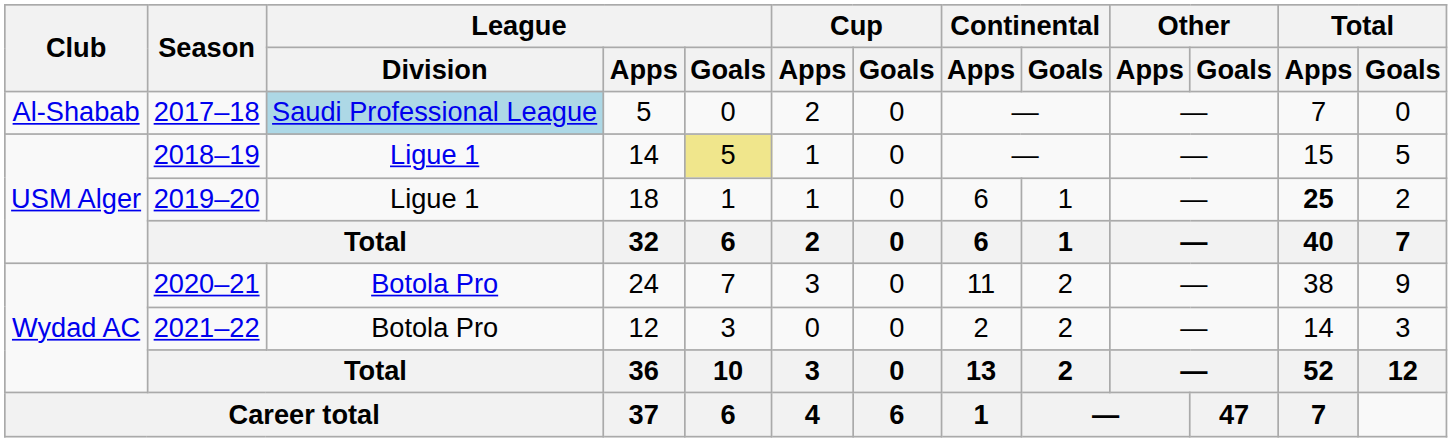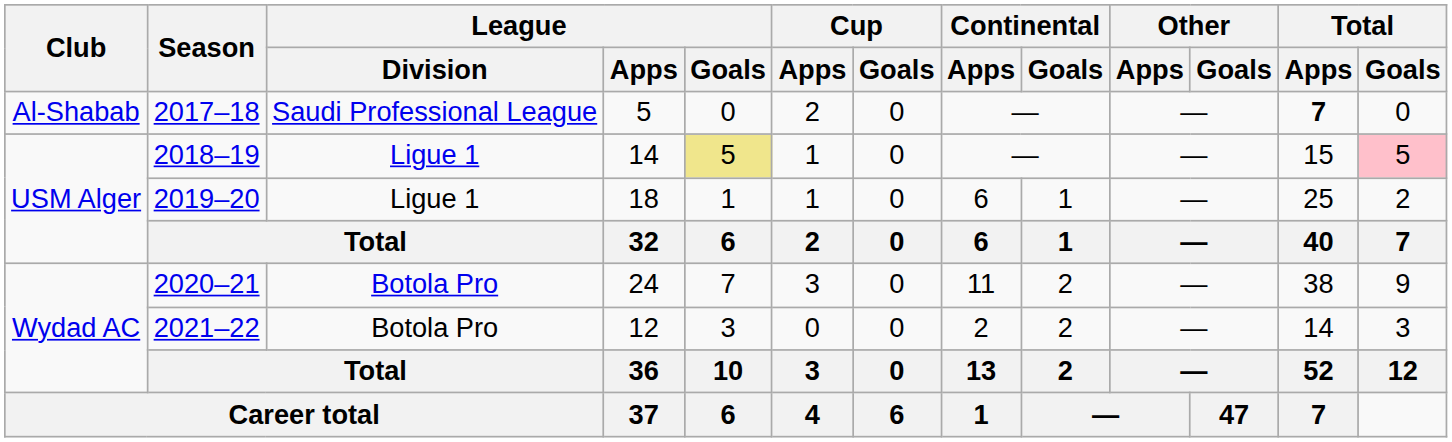 <table class="wikitable" style="text-align:center">
 <tr>
 <th rowspan="2">Club</th>
 <th rowspan="2">Season</th>
 <th colspan="3">League</th>
 <th colspan="2">Cup</th>
 <th colspan="2">Continental</th>
 <th colspan="2">Other</th>
 <th colspan="2">Total</th>
 </tr>
 <tr>
 <th>Division</th>
 <th>Apps</th>
 <th>Goals</th>
 <th>Apps</th>
 <th>Goals</th>
 <th>Apps</th>
 <th>Goals</th>
 <th>Apps</th>
 <th>Goals</th>
 <th>Apps</th>
 <th>Goals</th>
 </tr>
 <tr>
 <td><a href='#'>Al-Shabab</a></td>
 <td><a href='#'>2017–18</a></td>
-<td style="background: lightblue;"><a href='#'>Saudi Professional League</a></td>
+<td><a href='#'>Saudi Professional League</a></td>
 <td>5</td>
 <td>0</td>
 <td>2</td>
 <td>0</td>
 <td colspan="2">—</td>
 <td colspan="2">—</td>
-<td>7</td>
+<td><strong>7</strong></td>
 <td>0</td>
 </tr>
 <tr>
 <td rowspan="3"><a href='#'>USM Alger</a></td>
 <td><a href='#'>2018–19</a></td>
 <td><a href='#'>Ligue 1</a></td>
 <td>14</td>
 <td style="background: khaki;">5</td>
 <td>1</td>
 <td>0</td>
 <td colspan="2">—</td>
 <td colspan="2">—</td>
 <td>15</td>
-<td>5</td>
+<td style="background: pink;">5</td>
 </tr>
 <tr>
 <td><a href='#'>2019–20</a></td>
 <td>Ligue 1</td>
 <td>18</td>
 <td>1</td>
 <td>1</td>
 <td>0</td>
 <td>6</td>
 <td>1</td>
 <td colspan="2">—</td>
-<td><strong>25</strong></td>
+<td>25</td>
 <td>2</td>
 </tr>
 <tr>
 <th colspan="2">Total</th>
 <th>32</th>
 <th>6</th>
 <th>2</th>
 <th>0</th>
 <th>6</th>
 <th>1</th>
 <th colspan="2">—</th>
 <th>40</th>
 <th>7</th>
 </tr>
 <tr>
 <td rowspan="3"><a href='#'>Wydad AC</a></td>
 <td><a href='#'>2020–21</a></td>
 <td><a href='#'>Botola Pro</a></td>
 <td>24</td>
 <td>7</td>
 <td>3</td>
 <td>0</td>
 <td>11</td>
 <td>2</td>
 <td colspan="2">—</td>
 <td>38</td>
 <td>9</td>
 </tr>
 <tr>
 <td><a href='#'>2021–22</a></td>
 <td>Botola Pro</td>
 <td>12</td>
 <td>3</td>
 <td>0</td>
 <td>0</td>
 <td>2</td>
 <td>2</td>
 <td colspan="2">—</td>
 <td>14</td>
 <td>3</td>
 </tr>
 <tr>
 <th colspan="2">Total</th>
 <th>36</th>
 <th>10</th>
 <th>3</th>
 <th>0</th>
 <th>13</th>
 <th>2</th>
 <th colspan="2">—</th>
 <th>52</th>
 <th>12</th>
 </tr>
 <tr>
 <th colspan="3">Career total</th>
 <th>37</th>
 <th>6</th>
 <th>4</th>
 <th>6</th>
 <th>1</th>
 <th colspan="2">—</th>
 <th>47</th>
 <th>7</th>
 </tr>
 </table>
